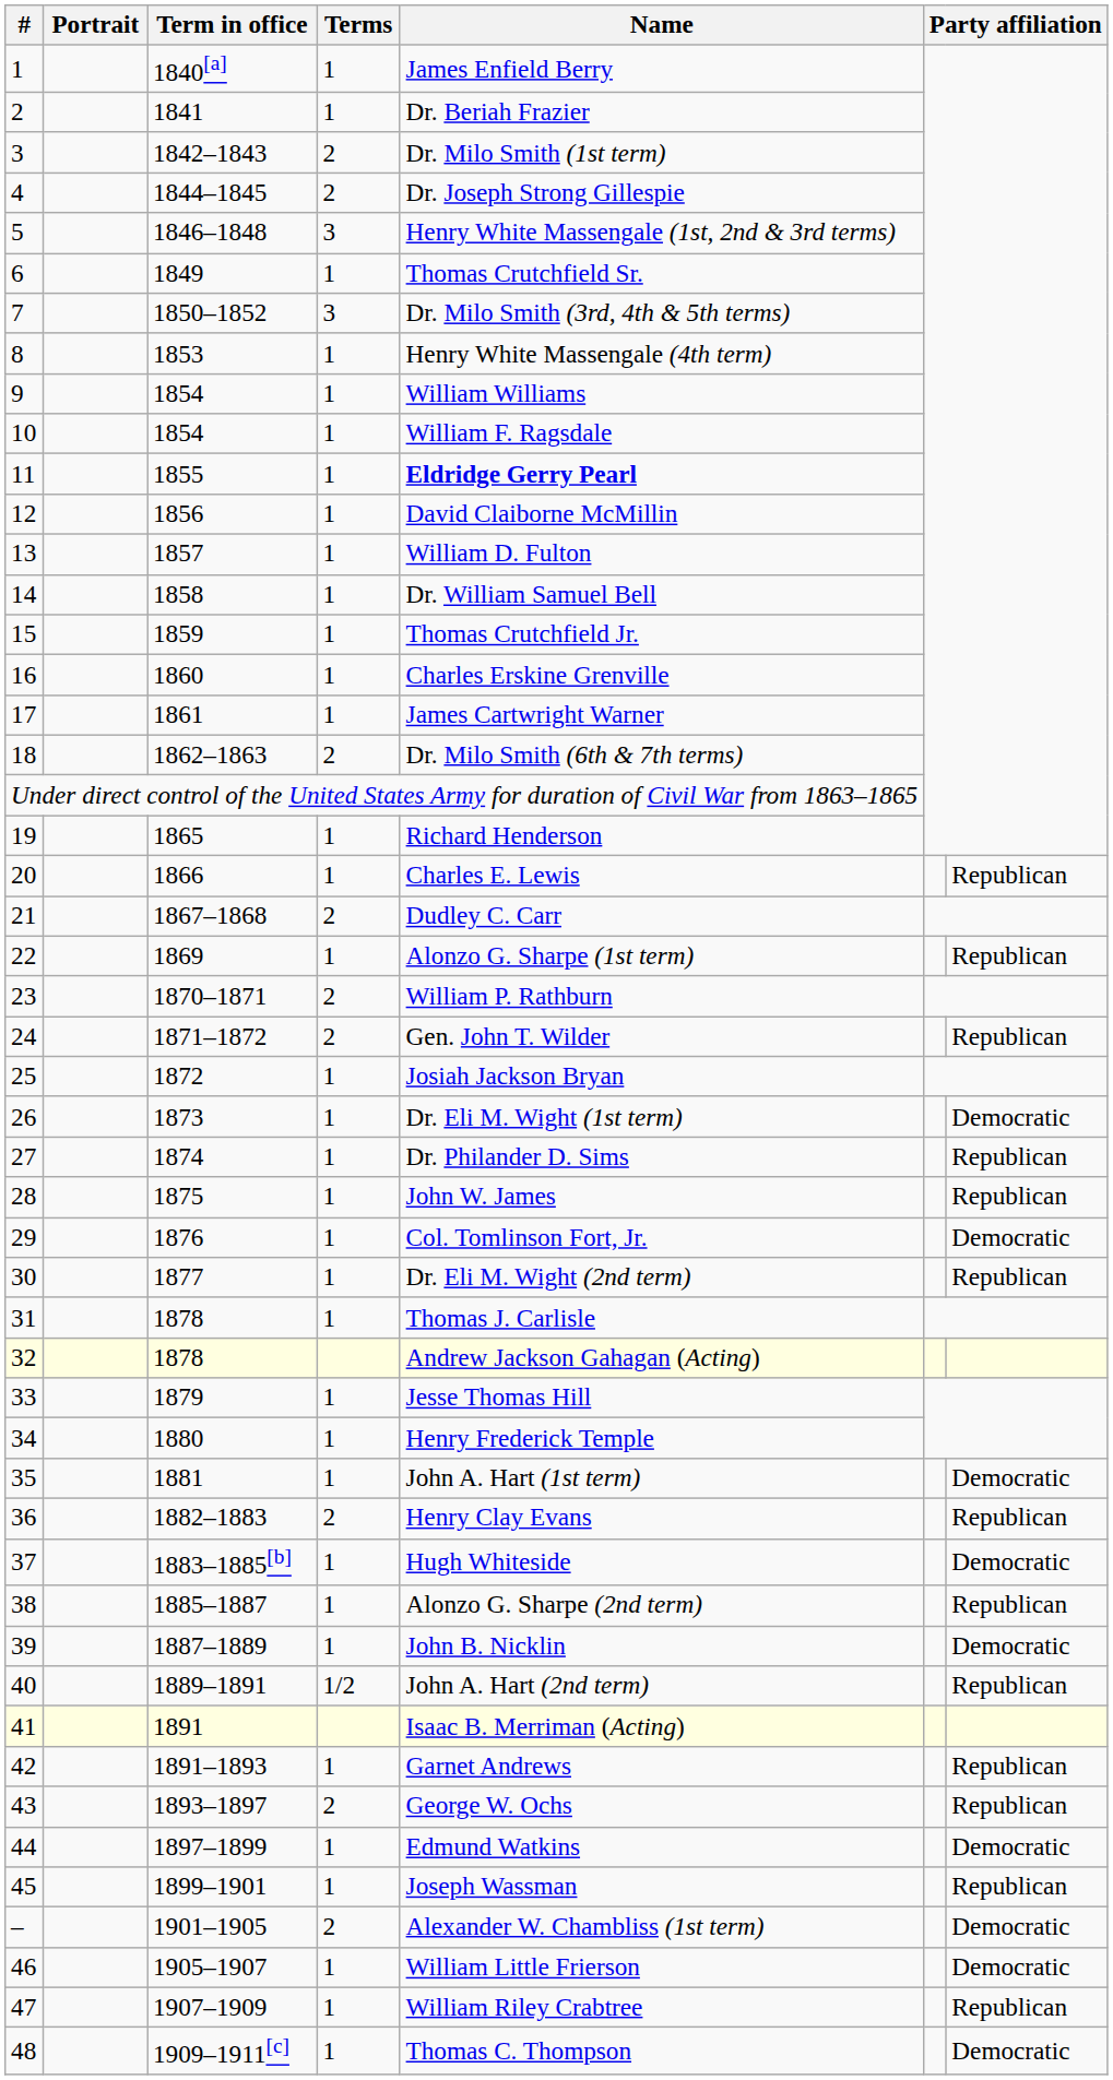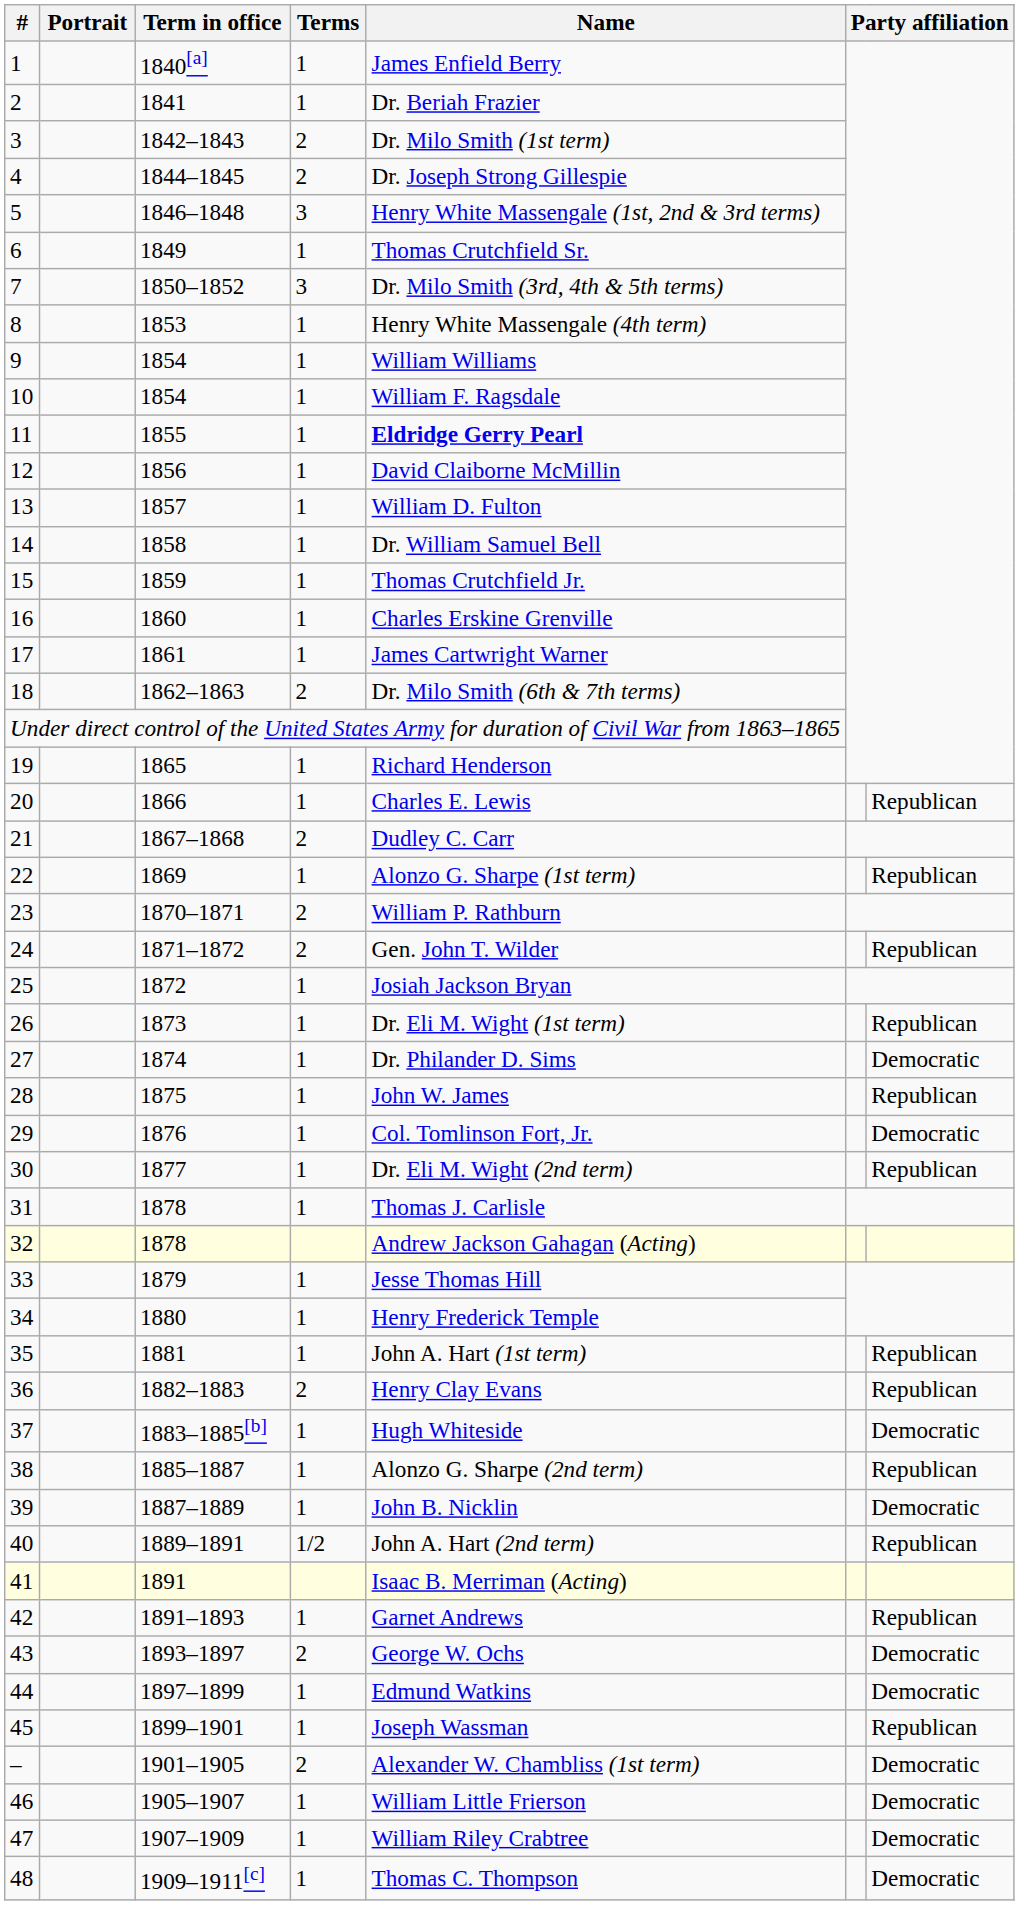 <table class="wikitable">
 <tr>
 <th align=center>#</th>
 <th>Portrait</th>
 <th>Term in office</th>
 <th>Terms</th>
 <th>Name</th>
 <th colspan=2>Party affiliation</th>
 </tr>
 <tr>
 <td>1</td>
 <td></td>
 <td>1840<a href='#'><sup>[a]</sup></a></td>
 <td>1</td>
 <td><a href='#'>James Enfield Berry</a></td>
 </tr>
 <tr>
 <td>2</td>
 <td></td>
 <td>1841</td>
 <td>1</td>
 <td>Dr. <a href='#'>Beriah Frazier</a></td>
 </tr>
 <tr>
 <td>3</td>
 <td></td>
 <td>1842–1843</td>
 <td>2</td>
 <td>Dr. <a href='#'>Milo Smith</a> <em>(1st term)</em></td>
 </tr>
 <tr>
 <td>4</td>
 <td></td>
 <td>1844–1845</td>
 <td>2</td>
 <td>Dr. <a href='#'>Joseph Strong Gillespie</a></td>
 </tr>
 <tr>
 <td>5</td>
 <td></td>
 <td>1846–1848</td>
 <td>3</td>
 <td><a href='#'>Henry White Massengale</a> <em>(1st, 2nd & 3rd terms)</em></td>
 </tr>
 <tr>
 <td>6</td>
 <td></td>
 <td>1849</td>
 <td>1</td>
 <td><a href='#'>Thomas Crutchfield Sr.</a></td>
 </tr>
 <tr>
 <td>7</td>
 <td></td>
 <td>1850–1852</td>
 <td>3</td>
 <td>Dr. <a href='#'>Milo Smith</a> <em>(3rd, 4th & 5th terms)</em></td>
 </tr>
 <tr>
 <td>8</td>
 <td></td>
 <td>1853</td>
 <td>1</td>
 <td>Henry White Massengale <em>(4th term)</em></td>
 </tr>
 <tr>
 <td>9</td>
 <td></td>
 <td>1854</td>
 <td>1</td>
 <td><a href='#'>William Williams</a></td>
 </tr>
 <tr>
 <td>10</td>
 <td></td>
 <td>1854</td>
 <td>1</td>
 <td><a href='#'>William F. Ragsdale</a></td>
 </tr>
 <tr>
 <td>11</td>
 <td></td>
 <td>1855</td>
 <td>1</td>
 <td><strong><a href='#'>Eldridge Gerry Pearl</a></strong></td>
 </tr>
 <tr>
 <td>12</td>
 <td></td>
 <td>1856</td>
 <td>1</td>
 <td><a href='#'>David Claiborne McMillin</a></td>
 </tr>
 <tr>
 <td>13</td>
 <td></td>
 <td>1857</td>
 <td>1</td>
 <td><a href='#'>William D. Fulton</a></td>
 </tr>
 <tr>
 <td>14</td>
 <td></td>
 <td>1858</td>
 <td>1</td>
 <td>Dr. <a href='#'>William Samuel Bell</a></td>
 </tr>
 <tr>
 <td>15</td>
 <td></td>
 <td>1859</td>
 <td>1</td>
 <td><a href='#'>Thomas Crutchfield Jr.</a></td>
 </tr>
 <tr>
 <td>16</td>
 <td></td>
 <td>1860</td>
 <td>1</td>
 <td><a href='#'>Charles Erskine Grenville</a></td>
 </tr>
 <tr>
 <td>17</td>
 <td></td>
 <td>1861</td>
 <td>1</td>
 <td><a href='#'>James Cartwright Warner</a></td>
 </tr>
 <tr>
 <td>18</td>
 <td></td>
 <td>1862–1863</td>
 <td>2</td>
 <td>Dr. <a href='#'>Milo Smith</a> <em>(6th & 7th terms)</em></td>
 </tr>
 <tr>
 <td colspan=5 align=center><em>Under direct control of the <a href='#'>United States Army</a> for duration of <a href='#'>Civil War</a> from 1863–1865</em></td>
 </tr>
 <tr>
 <td>19</td>
 <td></td>
 <td>1865</td>
 <td>1</td>
 <td><a href='#'>Richard Henderson</a></td>
 </tr>
 <tr>
 <td>20</td>
 <td></td>
 <td>1866</td>
 <td>1</td>
 <td><a href='#'>Charles E. Lewis</a></td>
 <td style="background:"> </td>
 <td>Republican</td>
 </tr>
 <tr>
 <td>21</td>
 <td></td>
 <td>1867–1868</td>
 <td>2</td>
 <td><a href='#'>Dudley C. Carr</a></td>
 </tr>
 <tr>
 <td>22</td>
 <td></td>
 <td>1869</td>
 <td>1</td>
 <td><a href='#'>Alonzo G. Sharpe</a> <em>(1st term)</em></td>
 <td style="background:"> </td>
 <td>Republican</td>
 </tr>
 <tr>
 <td>23</td>
 <td></td>
 <td>1870–1871</td>
 <td>2</td>
 <td><a href='#'>William P. Rathburn</a></td>
 </tr>
 <tr>
 <td>24</td>
 <td></td>
 <td>1871–1872</td>
 <td>2</td>
 <td>Gen. <a href='#'>John T. Wilder</a></td>
 <td style="background:"> </td>
 <td>Republican</td>
 </tr>
 <tr>
 <td>25</td>
 <td></td>
 <td>1872</td>
 <td>1</td>
 <td><a href='#'>Josiah Jackson Bryan</a></td>
 </tr>
 <tr>
 <td>26</td>
 <td></td>
 <td>1873</td>
 <td>1</td>
 <td>Dr. <a href='#'>Eli M. Wight</a> <em>(1st term)</em></td>
 <td style="background:"> </td>
-<td>Democratic</td>
+<td>Republican</td>
 </tr>
 <tr>
 <td>27</td>
 <td></td>
 <td>1874</td>
 <td>1</td>
 <td>Dr. <a href='#'>Philander D. Sims</a></td>
 <td style="background:"> </td>
-<td>Republican</td>
+<td>Democratic</td>
 </tr>
 <tr>
 <td>28</td>
 <td></td>
 <td>1875</td>
 <td>1</td>
 <td><a href='#'>John W. James</a></td>
 <td style="background:"> </td>
 <td>Republican</td>
 </tr>
 <tr>
 <td>29</td>
 <td></td>
 <td>1876</td>
 <td>1</td>
 <td><a href='#'>Col. Tomlinson Fort, Jr.</a></td>
 <td style="background:"> </td>
 <td>Democratic</td>
 </tr>
 <tr>
 <td>30</td>
 <td></td>
 <td>1877</td>
 <td>1</td>
 <td>Dr. <a href='#'>Eli M. Wight</a> <em>(2nd term)</em></td>
 <td style="background:"> </td>
 <td>Republican</td>
 </tr>
 <tr>
 <td>31</td>
 <td></td>
 <td>1878</td>
 <td>1</td>
 <td><a href='#'>Thomas J. Carlisle</a></td>
 </tr>
 <tr style="background:lightyellow">
 <td>32</td>
 <td></td>
 <td>1878</td>
 <td></td>
 <td><a href='#'>Andrew Jackson Gahagan</a> (<em>Acting</em>)</td>
 <td></td>
 <td></td>
 </tr>
 <tr>
 <td>33</td>
 <td></td>
 <td>1879</td>
 <td>1</td>
 <td><a href='#'>Jesse Thomas Hill</a></td>
 </tr>
 <tr>
 <td>34</td>
 <td></td>
 <td>1880</td>
 <td>1</td>
 <td><a href='#'>Henry Frederick Temple</a></td>
 </tr>
 <tr>
 <td>35</td>
 <td></td>
 <td>1881</td>
 <td>1</td>
 <td>John A. Hart <em>(1st term)</em></td>
 <td style="background:"> </td>
-<td>Democratic</td>
+<td>Republican</td>
 </tr>
 <tr>
 <td>36</td>
 <td></td>
 <td>1882–1883</td>
 <td>2</td>
 <td><a href='#'>Henry Clay Evans</a></td>
 <td style="background:"> </td>
 <td>Republican</td>
 </tr>
 <tr>
 <td>37</td>
 <td></td>
 <td>1883–1885<a href='#'><sup>[b]</sup></a></td>
 <td>1</td>
 <td><a href='#'>Hugh Whiteside</a></td>
 <td style="background:"> </td>
 <td>Democratic</td>
 </tr>
 <tr>
 <td>38</td>
 <td></td>
 <td>1885–1887</td>
 <td>1</td>
 <td>Alonzo G. Sharpe <em>(2nd term)</em></td>
 <td style="background:"> </td>
 <td>Republican</td>
 </tr>
 <tr>
 <td>39</td>
 <td></td>
 <td>1887–1889</td>
 <td>1</td>
 <td><a href='#'>John B. Nicklin</a></td>
 <td style="background:"> </td>
 <td>Democratic</td>
 </tr>
 <tr>
 <td>40</td>
 <td></td>
 <td>1889–1891</td>
 <td>1/2</td>
 <td>John A. Hart <em>(2nd term)</em></td>
 <td style="background:"> </td>
 <td>Republican</td>
 </tr>
 <tr style="background:lightyellow">
 <td>41</td>
 <td></td>
 <td>1891</td>
 <td></td>
 <td><a href='#'>Isaac B. Merriman</a> (<em>Acting</em>)</td>
 <td></td>
 <td></td>
 </tr>
 <tr>
 <td>42</td>
 <td></td>
 <td>1891–1893</td>
 <td>1</td>
 <td><a href='#'>Garnet Andrews</a></td>
 <td style="background:"> </td>
 <td>Republican</td>
 </tr>
 <tr>
 <td>43</td>
 <td></td>
 <td>1893–1897</td>
 <td>2</td>
 <td><a href='#'>George W. Ochs</a></td>
 <td style="background:"> </td>
-<td>Republican</td>
+<td>Democratic</td>
 </tr>
 <tr>
 <td>44</td>
 <td></td>
 <td>1897–1899</td>
 <td>1</td>
 <td><a href='#'>Edmund Watkins</a></td>
 <td style="background:"> </td>
 <td>Democratic</td>
 </tr>
 <tr>
 <td>45</td>
 <td></td>
 <td>1899–1901</td>
 <td>1</td>
 <td><a href='#'>Joseph Wassman</a></td>
 <td style="background:"> </td>
 <td>Republican</td>
 </tr>
 <tr>
 <td>–</td>
 <td></td>
 <td>1901–1905</td>
 <td>2</td>
 <td><a href='#'>Alexander W. Chambliss</a> <em>(1st term)</em></td>
 <td style="background:"> </td>
 <td>Democratic</td>
 </tr>
 <tr>
 <td>46</td>
 <td></td>
 <td>1905–1907</td>
 <td>1</td>
 <td><a href='#'>William Little Frierson</a></td>
 <td style="background:"> </td>
 <td>Democratic</td>
 </tr>
 <tr>
 <td>47</td>
 <td></td>
 <td>1907–1909</td>
 <td>1</td>
 <td><a href='#'>William Riley Crabtree</a></td>
 <td style="background:"> </td>
-<td>Republican</td>
+<td>Democratic</td>
 </tr>
 <tr>
 <td>48</td>
 <td></td>
 <td>1909–1911<a href='#'><sup>[c]</sup></a></td>
 <td>1</td>
 <td><a href='#'>Thomas C. Thompson</a></td>
 <td style="background:"> </td>
 <td>Democratic</td>
 </tr>
 </table>
